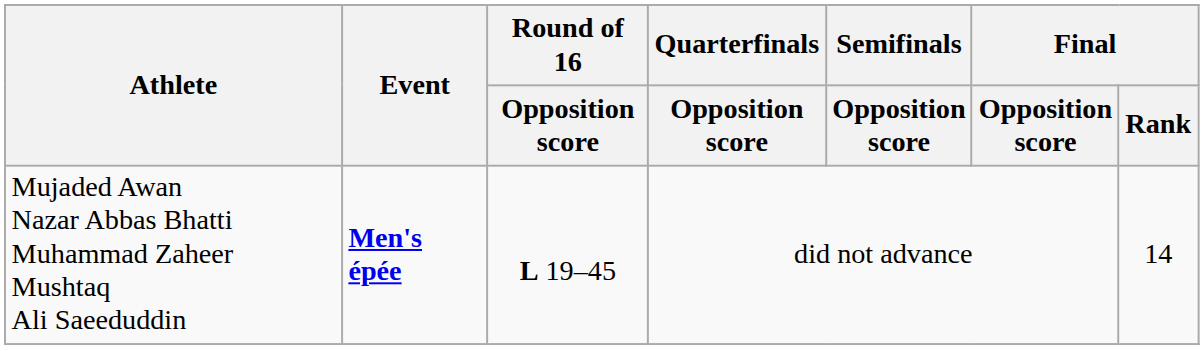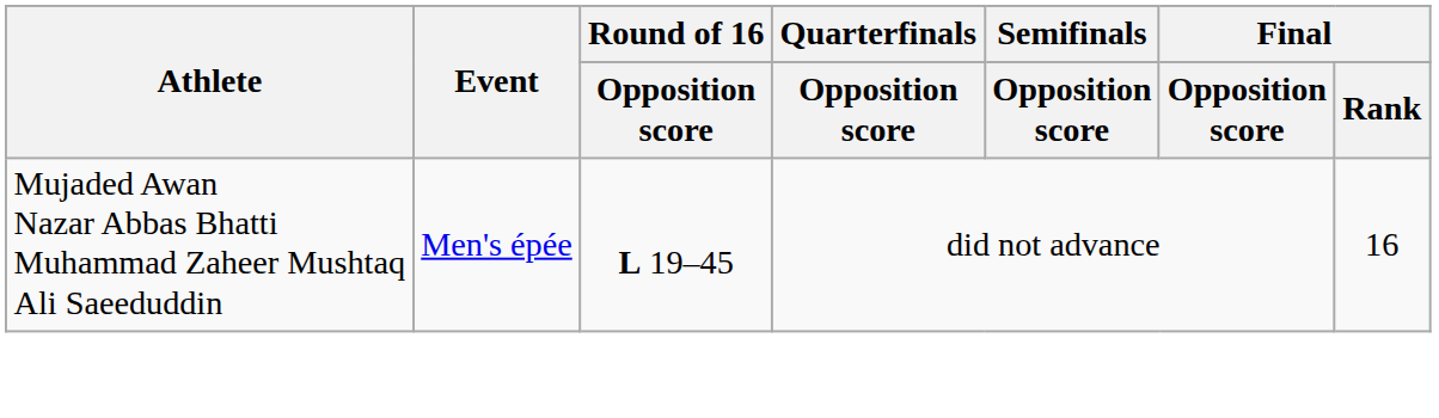 <table class=wikitable style=font-size:90%;text-align:center>
 <tr>
 <th rowspan="2">Athlete</th>
 <th rowspan="2">Event</th>
 <th>Round of 16</th>
 <th>Quarterfinals</th>
 <th>Semifinals</th>
 <th colspan="2">Final</th>
 </tr>
 <tr>
 <th>Opposition<br> score</th>
 <th>Opposition<br> score</th>
 <th>Opposition<br> score</th>
 <th>Opposition<br> score</th>
 <th>Rank</th>
 </tr>
 <tr>
 <td align=left>Mujaded Awan<br>Nazar Abbas Bhatti<br>Muhammad Zaheer Mushtaq<br>Ali Saeeduddin</td>
-<td align=left><strong><a href='#'>Men's épée</a></strong></td>
+<td align=left><a href='#'>Men's épée</a></td>
 <td><br><strong>L</strong> 19–45</td>
 <td colspan=3>did not advance</td>
-<td>14</td>
+<td>16</td>
 </tr>
 </table>
